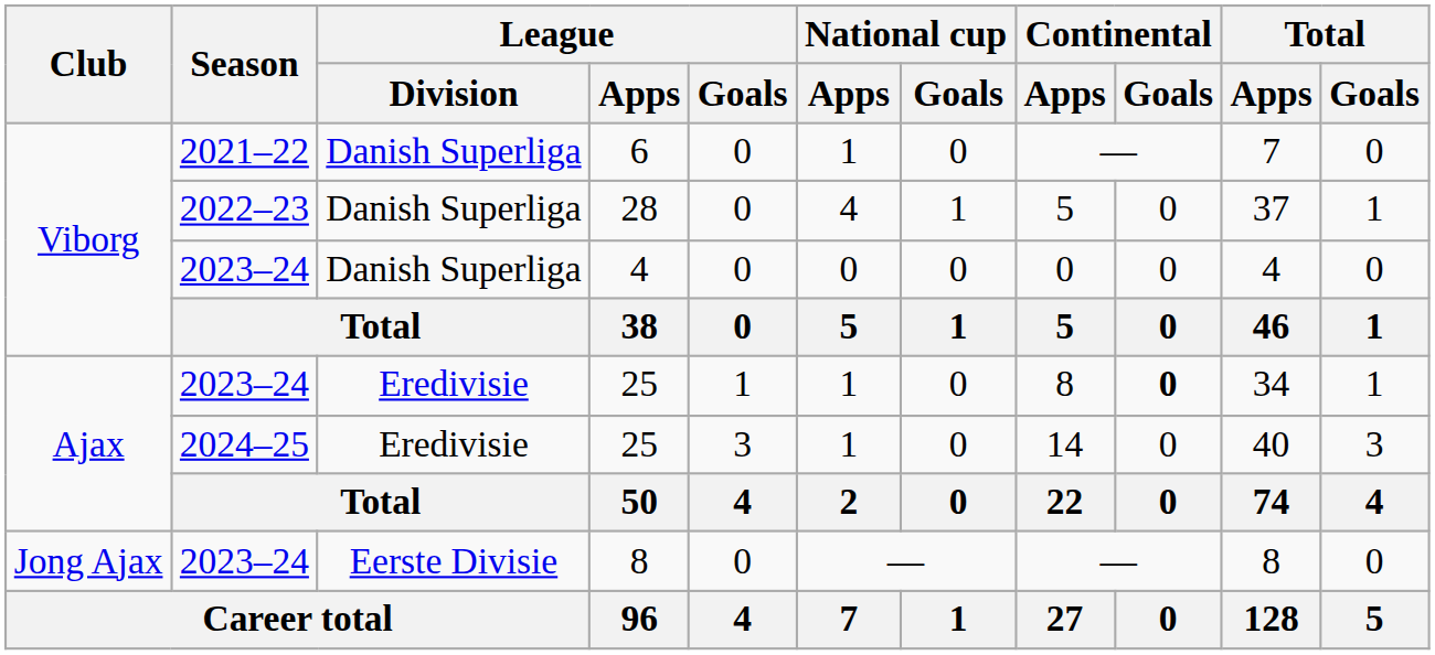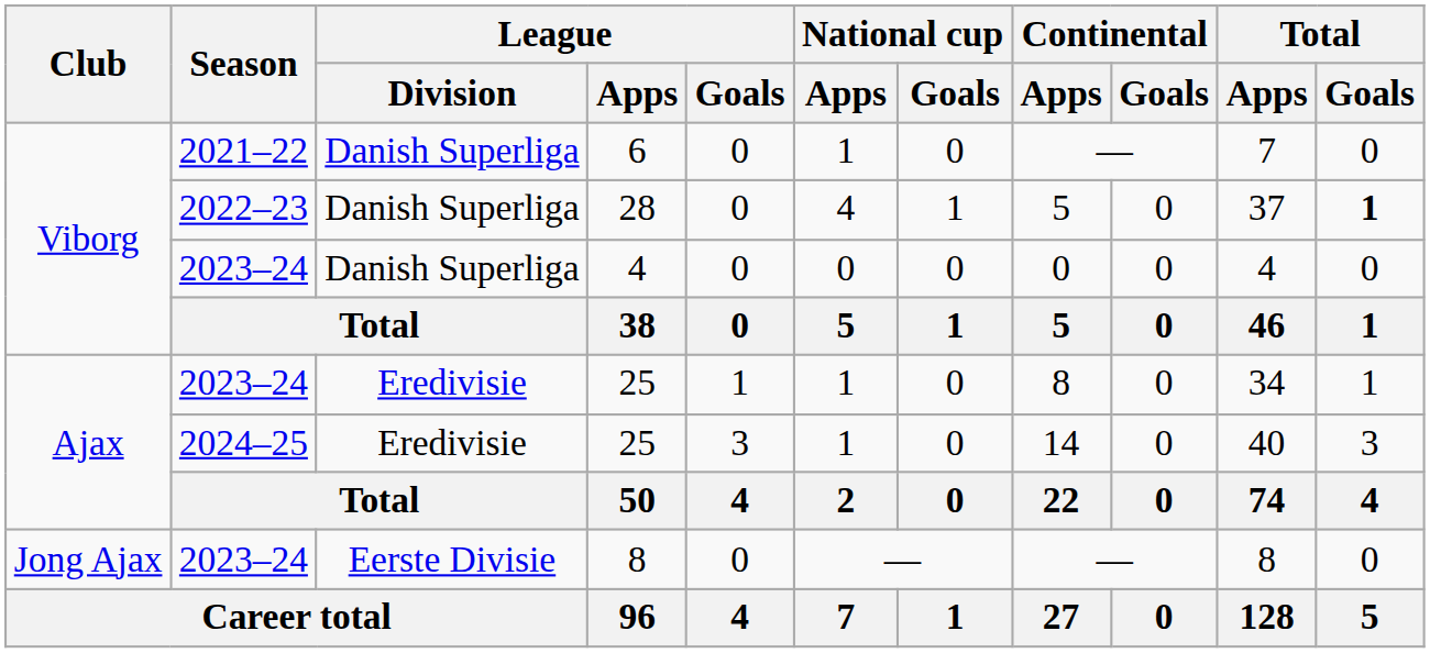 <table class="wikitable" style="text-align: center">
 <tr>
 <th rowspan="2">Club</th>
 <th rowspan="2">Season</th>
 <th colspan="3">League</th>
 <th colspan="2">National cup</th>
 <th colspan="2">Continental</th>
 <th colspan="2">Total</th>
 </tr>
 <tr>
 <th>Division</th>
 <th>Apps</th>
 <th>Goals</th>
 <th>Apps</th>
 <th>Goals</th>
 <th>Apps</th>
 <th>Goals</th>
 <th>Apps</th>
 <th>Goals</th>
 </tr>
 <tr>
 <td rowspan="4"><a href='#'>Viborg</a></td>
 <td><a href='#'>2021–22</a></td>
 <td><a href='#'>Danish Superliga</a></td>
 <td>6</td>
 <td>0</td>
 <td>1</td>
 <td>0</td>
 <td colspan="2">—</td>
 <td>7</td>
 <td>0</td>
 </tr>
 <tr>
 <td><a href='#'>2022–23</a></td>
 <td>Danish Superliga</td>
 <td>28</td>
 <td>0</td>
 <td>4</td>
 <td>1</td>
 <td>5</td>
 <td>0</td>
 <td>37</td>
-<td>1</td>
+<td><strong>1</strong></td>
 </tr>
 <tr>
 <td><a href='#'>2023–24</a></td>
 <td>Danish Superliga</td>
 <td>4</td>
 <td>0</td>
 <td>0</td>
 <td>0</td>
 <td>0</td>
 <td>0</td>
 <td>4</td>
 <td>0</td>
 </tr>
 <tr>
 <th colspan="2">Total</th>
 <th>38</th>
 <th>0</th>
 <th>5</th>
 <th>1</th>
 <th>5</th>
 <th>0</th>
 <th>46</th>
 <th>1</th>
 </tr>
 <tr>
 <td rowspan="3"><a href='#'>Ajax</a></td>
 <td><a href='#'>2023–24</a></td>
 <td><a href='#'>Eredivisie</a></td>
 <td>25</td>
 <td>1</td>
 <td>1</td>
 <td>0</td>
 <td>8</td>
-<td><strong>0</strong></td>
+<td>0</td>
 <td>34</td>
 <td>1</td>
 </tr>
 <tr>
 <td><a href='#'>2024–25</a></td>
 <td>Eredivisie</td>
 <td>25</td>
 <td>3</td>
 <td>1</td>
 <td>0</td>
 <td>14</td>
 <td>0</td>
 <td>40</td>
 <td>3</td>
 </tr>
 <tr>
 <th colspan="2">Total</th>
 <th>50</th>
 <th>4</th>
 <th>2</th>
 <th>0</th>
 <th>22</th>
 <th>0</th>
 <th>74</th>
 <th>4</th>
 </tr>
 <tr>
 <td><a href='#'>Jong Ajax</a></td>
 <td><a href='#'>2023–24</a></td>
 <td><a href='#'>Eerste Divisie</a></td>
 <td>8</td>
 <td>0</td>
 <td colspan="2">—</td>
 <td colspan="2">—</td>
 <td>8</td>
 <td>0</td>
 </tr>
 <tr>
 <th colspan="3">Career total</th>
 <th>96</th>
 <th>4</th>
 <th>7</th>
 <th>1</th>
 <th>27</th>
 <th>0</th>
 <th>128</th>
 <th>5</th>
 </tr>
 </table>
